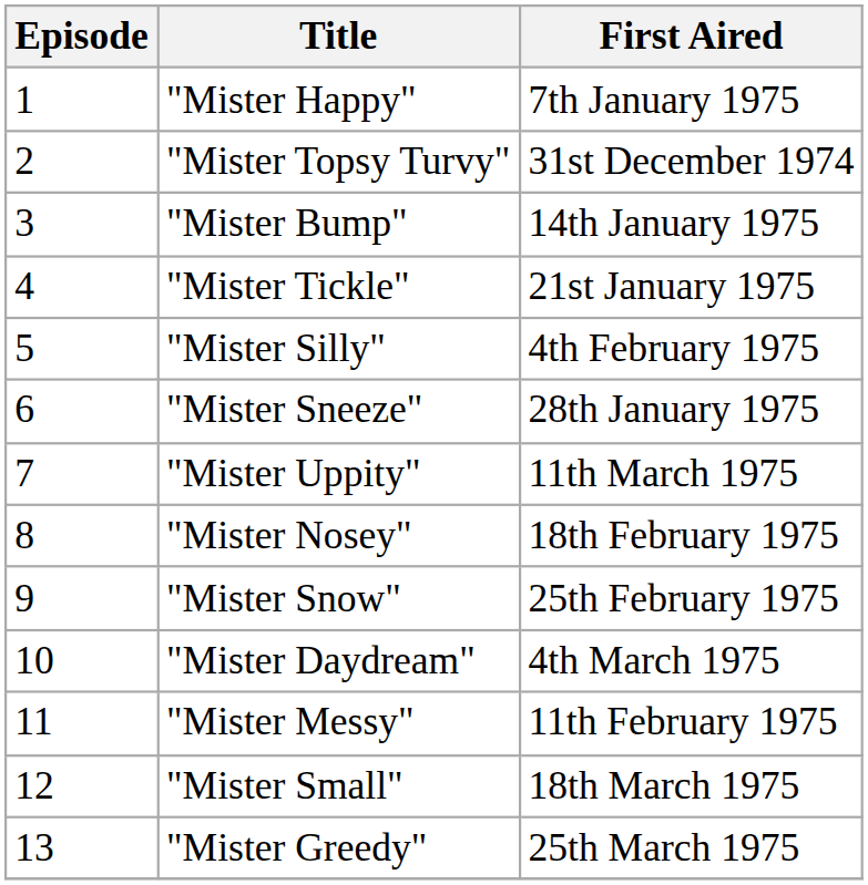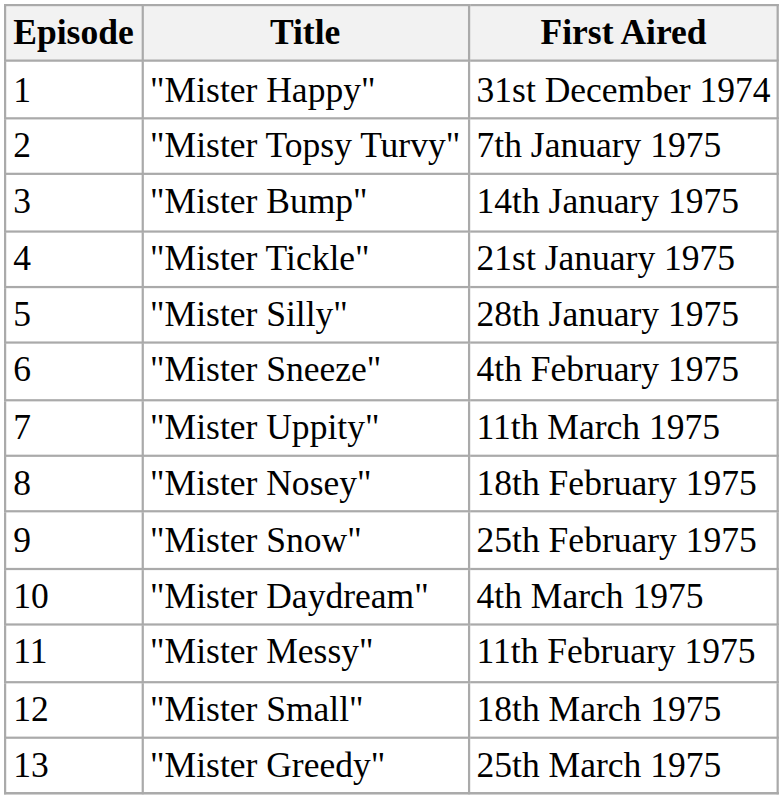 <table class="wikitable sortable" style="background: #FFFFFF;">
 <tr bg color="#CCCCCC">
 <th>Episode</th>
 <th>Title</th>
 <th>⁣First Aired⁣</th>
 </tr>
 <tr>
 <td>1</td>
 <td>"Mister Happy"</td>
-<td>7th January 1975</td>
+<td>31st December 1974</td>
 </tr>
 <tr>
 <td>2</td>
 <td>"Mister Topsy Turvy"</td>
-<td>31st December 1974</td>
+<td>7th January 1975</td>
 </tr>
 <tr>
 <td>3</td>
 <td>"Mister Bump"</td>
 <td>14th January 1975</td>
 </tr>
 <tr>
 <td>4</td>
 <td>"Mister Tickle"</td>
 <td>21st January 1975</td>
 </tr>
 <tr>
 <td>5</td>
 <td>"Mister Silly"</td>
-<td>4th February 1975</td>
+<td>28th January 1975</td>
 </tr>
 <tr>
 <td>6</td>
 <td>"Mister Sneeze" </td>
-<td>28th January 1975</td>
+<td>4th February 1975</td>
 </tr>
 <tr>
 <td>7</td>
 <td>"Mister Uppity"</td>
 <td>11th March 1975</td>
 </tr>
 <tr>
 <td>8</td>
 <td>"Mister Nosey"</td>
 <td>18th February 1975</td>
 </tr>
 <tr>
 <td>9</td>
 <td>"Mister Snow"</td>
 <td>25th February 1975</td>
 </tr>
 <tr>
 <td>10</td>
 <td>"Mister Daydream"</td>
 <td>4th March 1975</td>
 </tr>
 <tr>
 <td>11</td>
 <td>"Mister Messy"</td>
 <td>11th February 1975</td>
 </tr>
 <tr>
 <td>12</td>
 <td>"Mister Small" </td>
 <td>18th March 1975</td>
 </tr>
 <tr>
 <td>13</td>
 <td>"Mister Greedy"</td>
 <td>25th March 1975</td>
 </tr>
 <tr>
 </tr>
 </table>
